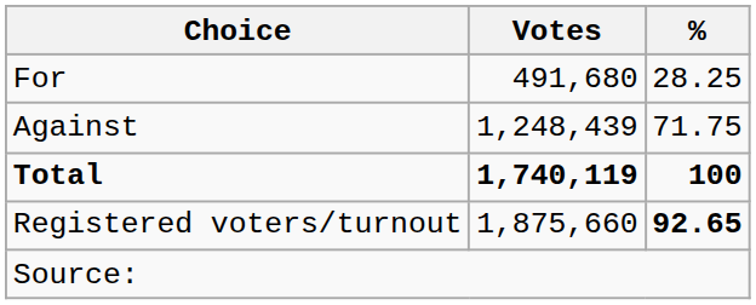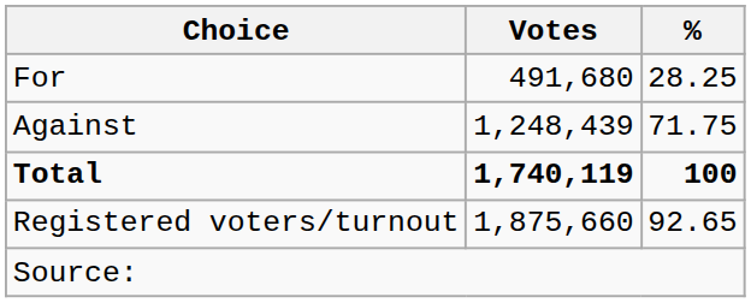 <table class=wikitable style=text-align:right>
 <tr>
 <th>Choice</th>
 <th>Votes</th>
 <th>%</th>
 </tr>
 <tr>
 <td align=left>For</td>
 <td>491,680</td>
 <td>28.25</td>
 </tr>
 <tr>
 <td align=left>Against</td>
 <td>1,248,439</td>
 <td>71.75</td>
 </tr>
 <tr>
 <td align=left><strong>Total</strong></td>
 <td><strong>1,740,119</strong></td>
 <td><strong>100</strong></td>
 </tr>
 <tr>
 <td align=left>Registered voters/turnout</td>
 <td>1,875,660</td>
-<td><strong>92.65</strong></td>
+<td>92.65</td>
 </tr>
 <tr>
 <td align=left colspan=3>Source: </td>
 </tr>
 </table>
